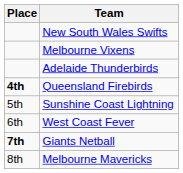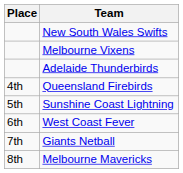 <table class=wikitable style=text-align:left>
 <tr>
 <th width=35>Place</th>
 <th width=185>Team</th>
 </tr>
 <tr>
 <td></td>
 <td style=text-align:left> <a href='#'>New South Wales Swifts</a></td>
 </tr>
 <tr>
 <td></td>
 <td style=text-align:left> <a href='#'>Melbourne Vixens</a></td>
 </tr>
 <tr>
 <td></td>
 <td style=text-align:left> <a href='#'>Adelaide Thunderbirds</a></td>
 </tr>
 <tr>
-<td style=text-align:left><strong>4th</strong></td>
+<td style=text-align:left>4th</td>
 <td> <a href='#'>Queensland Firebirds</a></td>
 </tr>
 <tr>
 <td style=text-align:left>5th</td>
 <td> <a href='#'>Sunshine Coast Lightning</a></td>
 </tr>
 <tr>
 <td style=text-align:left>6th</td>
 <td> <a href='#'>West Coast Fever</a></td>
 </tr>
 <tr>
-<td style=text-align:left><strong>7th</strong></td>
+<td style=text-align:left>7th</td>
 <td> <a href='#'>Giants Netball</a></td>
 </tr>
 <tr>
 <td style=text-align:left>8th</td>
 <td> <a href='#'>Melbourne Mavericks</a></td>
 </tr>
 </table>
